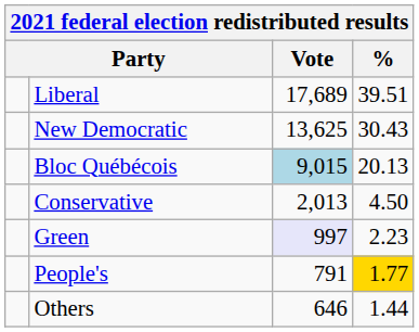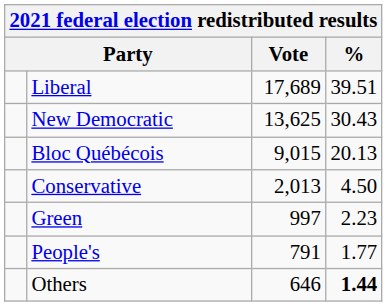 <table class="wikitable">
 <tr>
 <th colspan="4"><a href='#'>2021 federal election</a> redistributed results</th>
 </tr>
 <tr>
 <th bgcolor="#DDDDFF" width="130px" colspan="2">Party</th>
 <th bgcolor="#DDDDFF" width="50px">Vote</th>
 <th bgcolor="#DDDDFF" width="30px">%</th>
 </tr>
 <tr>
 <td> </td>
 <td><a href='#'>Liberal</a></td>
 <td align=right>17,689</td>
 <td align=right>39.51</td>
 </tr>
 <tr>
 <td> </td>
 <td><a href='#'>New Democratic</a></td>
 <td align=right>13,625</td>
 <td align=right>30.43</td>
 </tr>
 <tr>
 <td> </td>
 <td><a href='#'>Bloc Québécois</a></td>
-<td align=right style="background: lightblue;">9,015</td>
+<td align=right>9,015</td>
 <td align=right>20.13</td>
 </tr>
 <tr>
 <td> </td>
 <td><a href='#'>Conservative</a></td>
 <td align=right>2,013</td>
 <td align=right>4.50</td>
 </tr>
 <tr>
 <td> </td>
 <td><a href='#'>Green</a></td>
-<td align=right style="background: lavender;">997</td>
+<td align=right>997</td>
 <td align=right>2.23</td>
 </tr>
 <tr>
 <td> </td>
 <td><a href='#'>People's</a></td>
 <td align=right>791</td>
-<td align=right style="background: gold;">1.77</td>
+<td align=right>1.77</td>
 </tr>
 <tr>
 <td> </td>
 <td>Others</td>
 <td align=right>646</td>
-<td align=right>1.44</td>
+<td align=right><strong>1.44</strong></td>
 </tr>
 </table>
